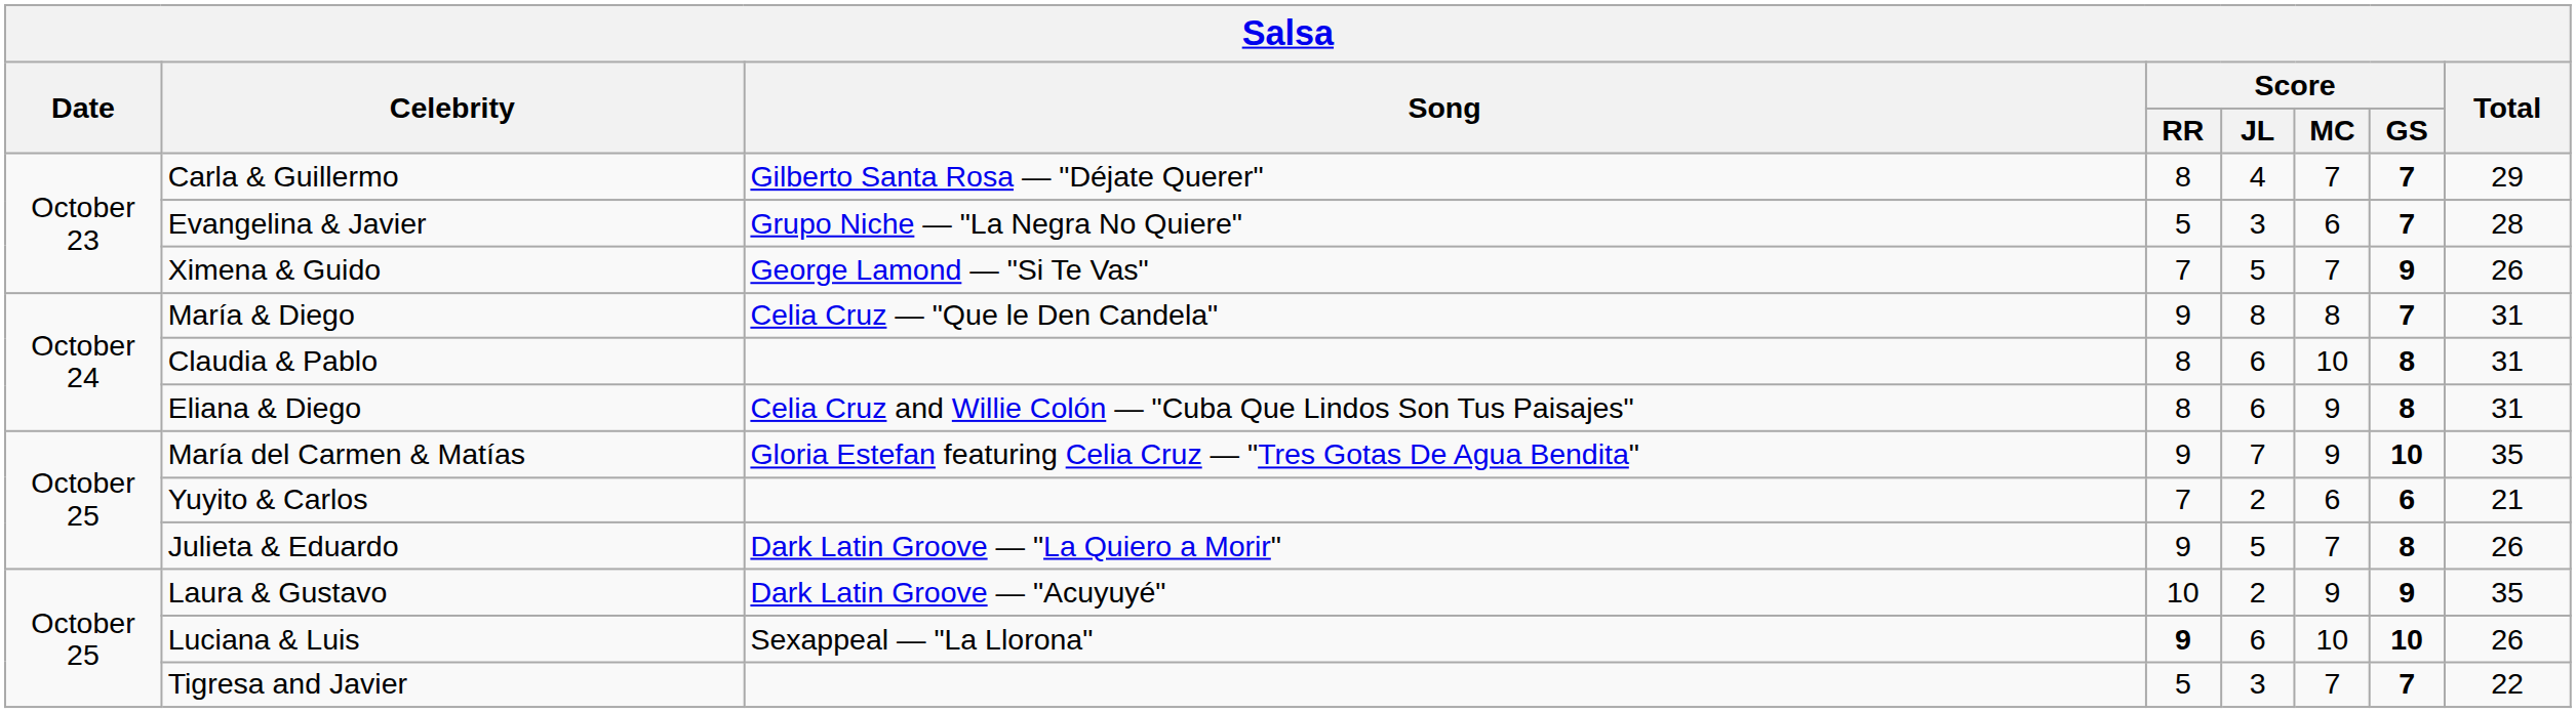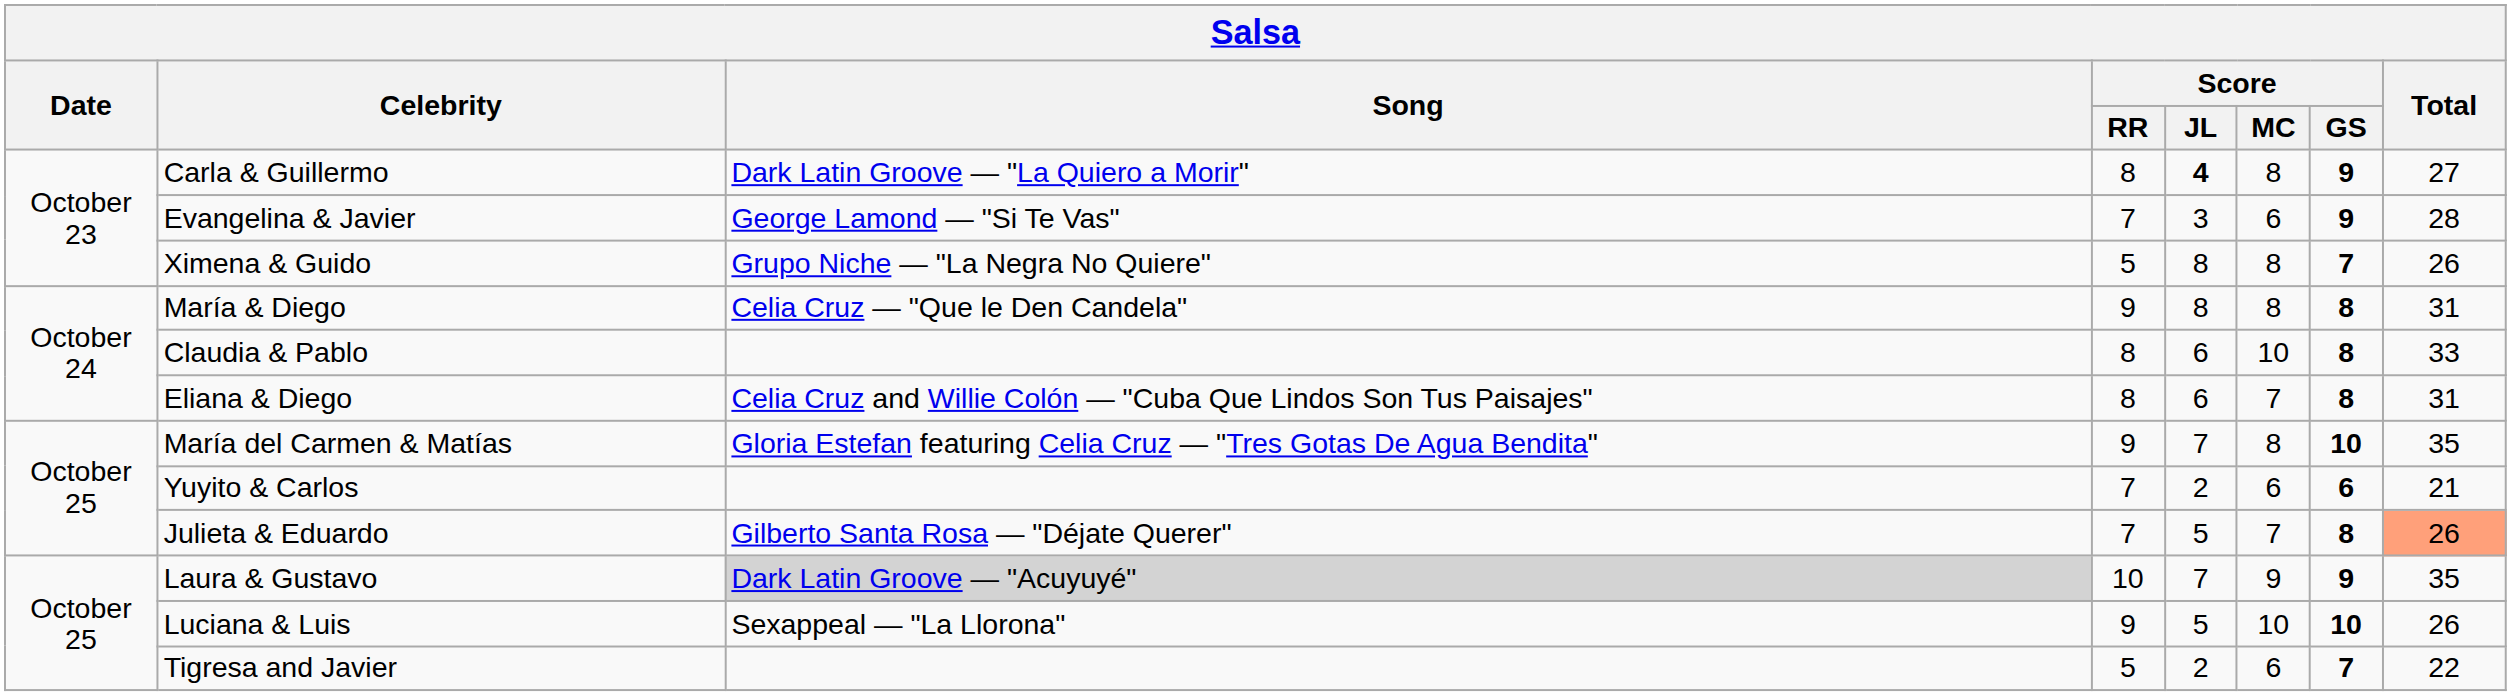 <table class="wikitable collapsible collapsed" style="font-size:90%; text-align: center; width: 100%;">
 <tr>
 <th colspan="11" style="with: 95%;"><big><a href='#'>Salsa</a></big></th>
 </tr>
 <tr>
 <th width=70 rowspan="2">Date</th>
 <th width=280 rowspan="2">Celebrity</th>
 <th rowspan="2">Song</th>
 <th colspan="4">Score</th>
 <th rowspan="2">Total</th>
 </tr>
 <tr>
 <th width=30>RR</th>
 <th width=30>JL</th>
 <th width=30>MC</th>
 <th width=30>GS</th>
 </tr>
 <tr>
 <td rowspan="3">October 23</td>
 <td style="text-align:left;">Carla & Guillermo</td>
-<td style="text-align:left;"><a href='#'>Gilberto Santa Rosa</a> — "Déjate Querer"</td>
+<td style="text-align:left;"><a href='#'>Dark Latin Groove</a> — "<a href='#'>La Quiero a Morir</a>"</td>
 <td>8</td>
-<td>4</td>
-<td>7</td>
-<td><strong>7</strong></td>
-<td>29</td>
+<td><strong>4</strong></td>
+<td>8</td>
+<td><strong>9</strong></td>
+<td>27</td>
 </tr>
 <tr>
 <td style="text-align:left;">Evangelina & Javier</td>
-<td style="text-align:left;"><a href='#'>Grupo Niche</a> — "La Negra No Quiere"</td>
-<td>5</td>
+<td style="text-align:left;"><a href='#'>George Lamond</a> — "Si Te Vas"</td>
+<td>7</td>
 <td>3</td>
 <td>6</td>
-<td><strong>7</strong></td>
+<td><strong>9</strong></td>
 <td>28</td>
 </tr>
 <tr>
 <td style="text-align:left;">Ximena & Guido</td>
-<td style="text-align:left;"><a href='#'>George Lamond</a> — "Si Te Vas"</td>
-<td>7</td>
+<td style="text-align:left;"><a href='#'>Grupo Niche</a> — "La Negra No Quiere"</td>
 <td>5</td>
-<td>7</td>
-<td><strong>9</strong></td>
+<td>8</td>
+<td>8</td>
+<td><strong>7</strong></td>
 <td>26</td>
 </tr>
 <tr>
 <td rowspan="3">October 24</td>
 <td style="text-align:left;">María & Diego</td>
 <td style="text-align:left;"><a href='#'>Celia Cruz</a> — "Que le Den Candela"</td>
 <td>9</td>
 <td>8</td>
 <td>8</td>
-<td><strong>7</strong></td>
+<td><strong>8</strong></td>
 <td>31</td>
 </tr>
 <tr>
 <td style="text-align:left;">Claudia & Pablo</td>
 <td></td>
 <td>8</td>
 <td>6</td>
 <td>10</td>
 <td><strong>8</strong></td>
-<td>31</td>
+<td>33</td>
 </tr>
 <tr>
 <td style="text-align:left;">Eliana & Diego</td>
 <td style="text-align:left;"><a href='#'>Celia Cruz</a> and <a href='#'>Willie Colón</a> — "Cuba Que Lindos Son Tus Paisajes"</td>
 <td>8</td>
 <td>6</td>
-<td>9</td>
+<td>7</td>
 <td><strong>8</strong></td>
 <td>31</td>
 </tr>
 <tr>
 <td rowspan="3">October 25</td>
 <td style="text-align:left;">María del Carmen & Matías</td>
 <td style="text-align:left;"><a href='#'>Gloria Estefan</a> featuring <a href='#'>Celia Cruz</a> — "<a href='#'>Tres Gotas De Agua Bendita</a>"</td>
 <td>9</td>
 <td>7</td>
-<td>9</td>
+<td>8</td>
 <td><strong>10</strong></td>
 <td>35</td>
 </tr>
 <tr>
 <td style="text-align:left;">Yuyito & Carlos</td>
 <td></td>
 <td>7</td>
 <td>2</td>
 <td>6</td>
 <td><strong>6</strong></td>
 <td>21</td>
 </tr>
 <tr>
 <td style="text-align:left;">Julieta & Eduardo</td>
-<td style="text-align:left;"><a href='#'>Dark Latin Groove</a> — "<a href='#'>La Quiero a Morir</a>"</td>
-<td>9</td>
+<td style="text-align:left;"><a href='#'>Gilberto Santa Rosa</a> — "Déjate Querer"</td>
+<td>7</td>
 <td>5</td>
 <td>7</td>
 <td><strong>8</strong></td>
-<td>26</td>
+<td style="background: lightsalmon;">26</td>
 </tr>
 <tr>
 <td rowspan="3">October 25</td>
 <td style="text-align:left;">Laura & Gustavo</td>
-<td style="text-align:left;"><a href='#'>Dark Latin Groove</a> — "Acuyuyé"</td>
+<td style="background: lightgrey; text-align:left;"><a href='#'>Dark Latin Groove</a> — "Acuyuyé"</td>
 <td>10</td>
-<td>2</td>
+<td>7</td>
 <td>9</td>
 <td><strong>9</strong></td>
 <td>35</td>
 </tr>
 <tr>
 <td style="text-align:left;">Luciana & Luis</td>
 <td style="text-align:left;">Sexappeal — "La Llorona"</td>
-<td><strong>9</strong></td>
-<td>6</td>
+<td>9</td>
+<td>5</td>
 <td>10</td>
 <td><strong>10</strong></td>
 <td>26</td>
 </tr>
 <tr>
 <td style="text-align:left;">Tigresa and Javier</td>
 <td></td>
 <td>5</td>
-<td>3</td>
-<td>7</td>
+<td>2</td>
+<td>6</td>
 <td><strong>7</strong></td>
 <td>22</td>
 </tr>
 </table>
